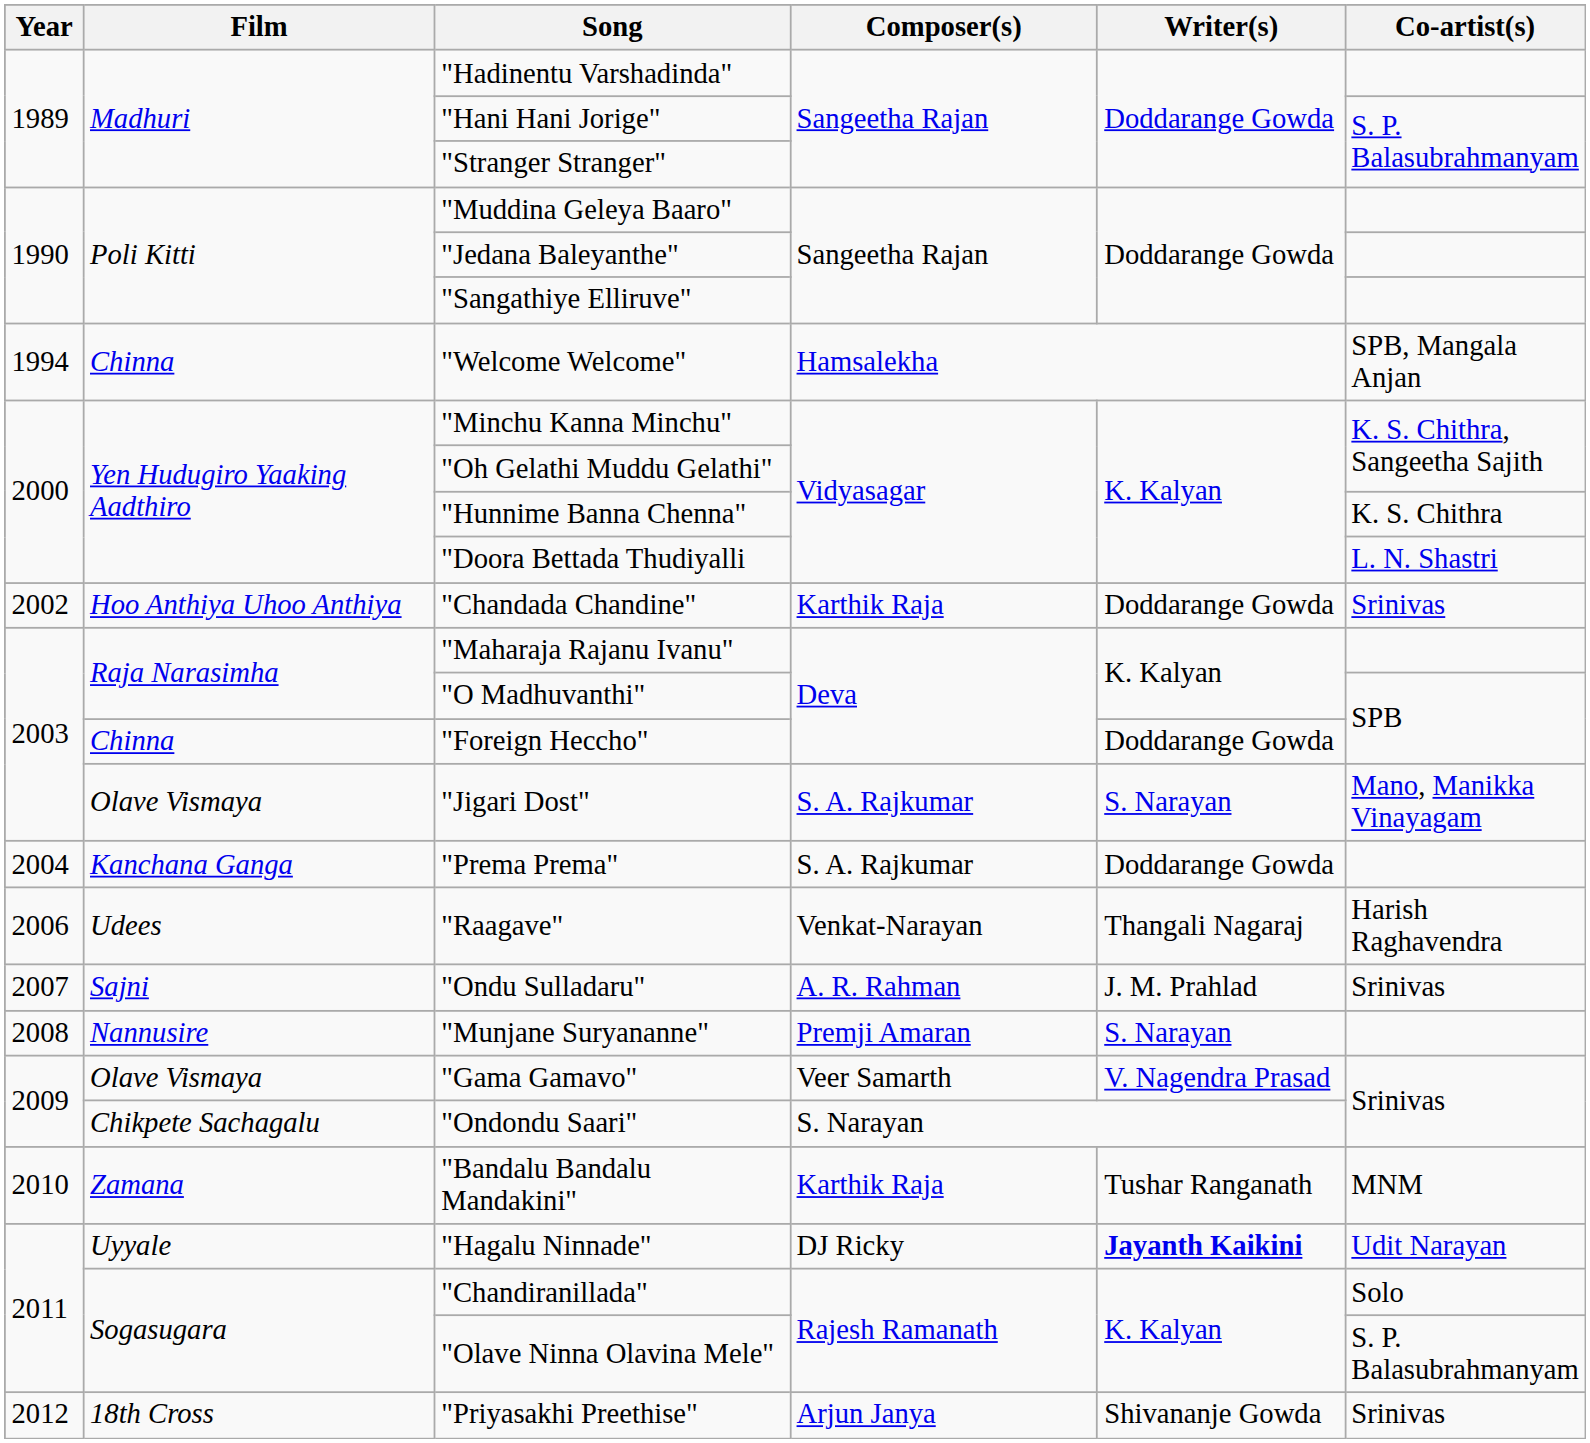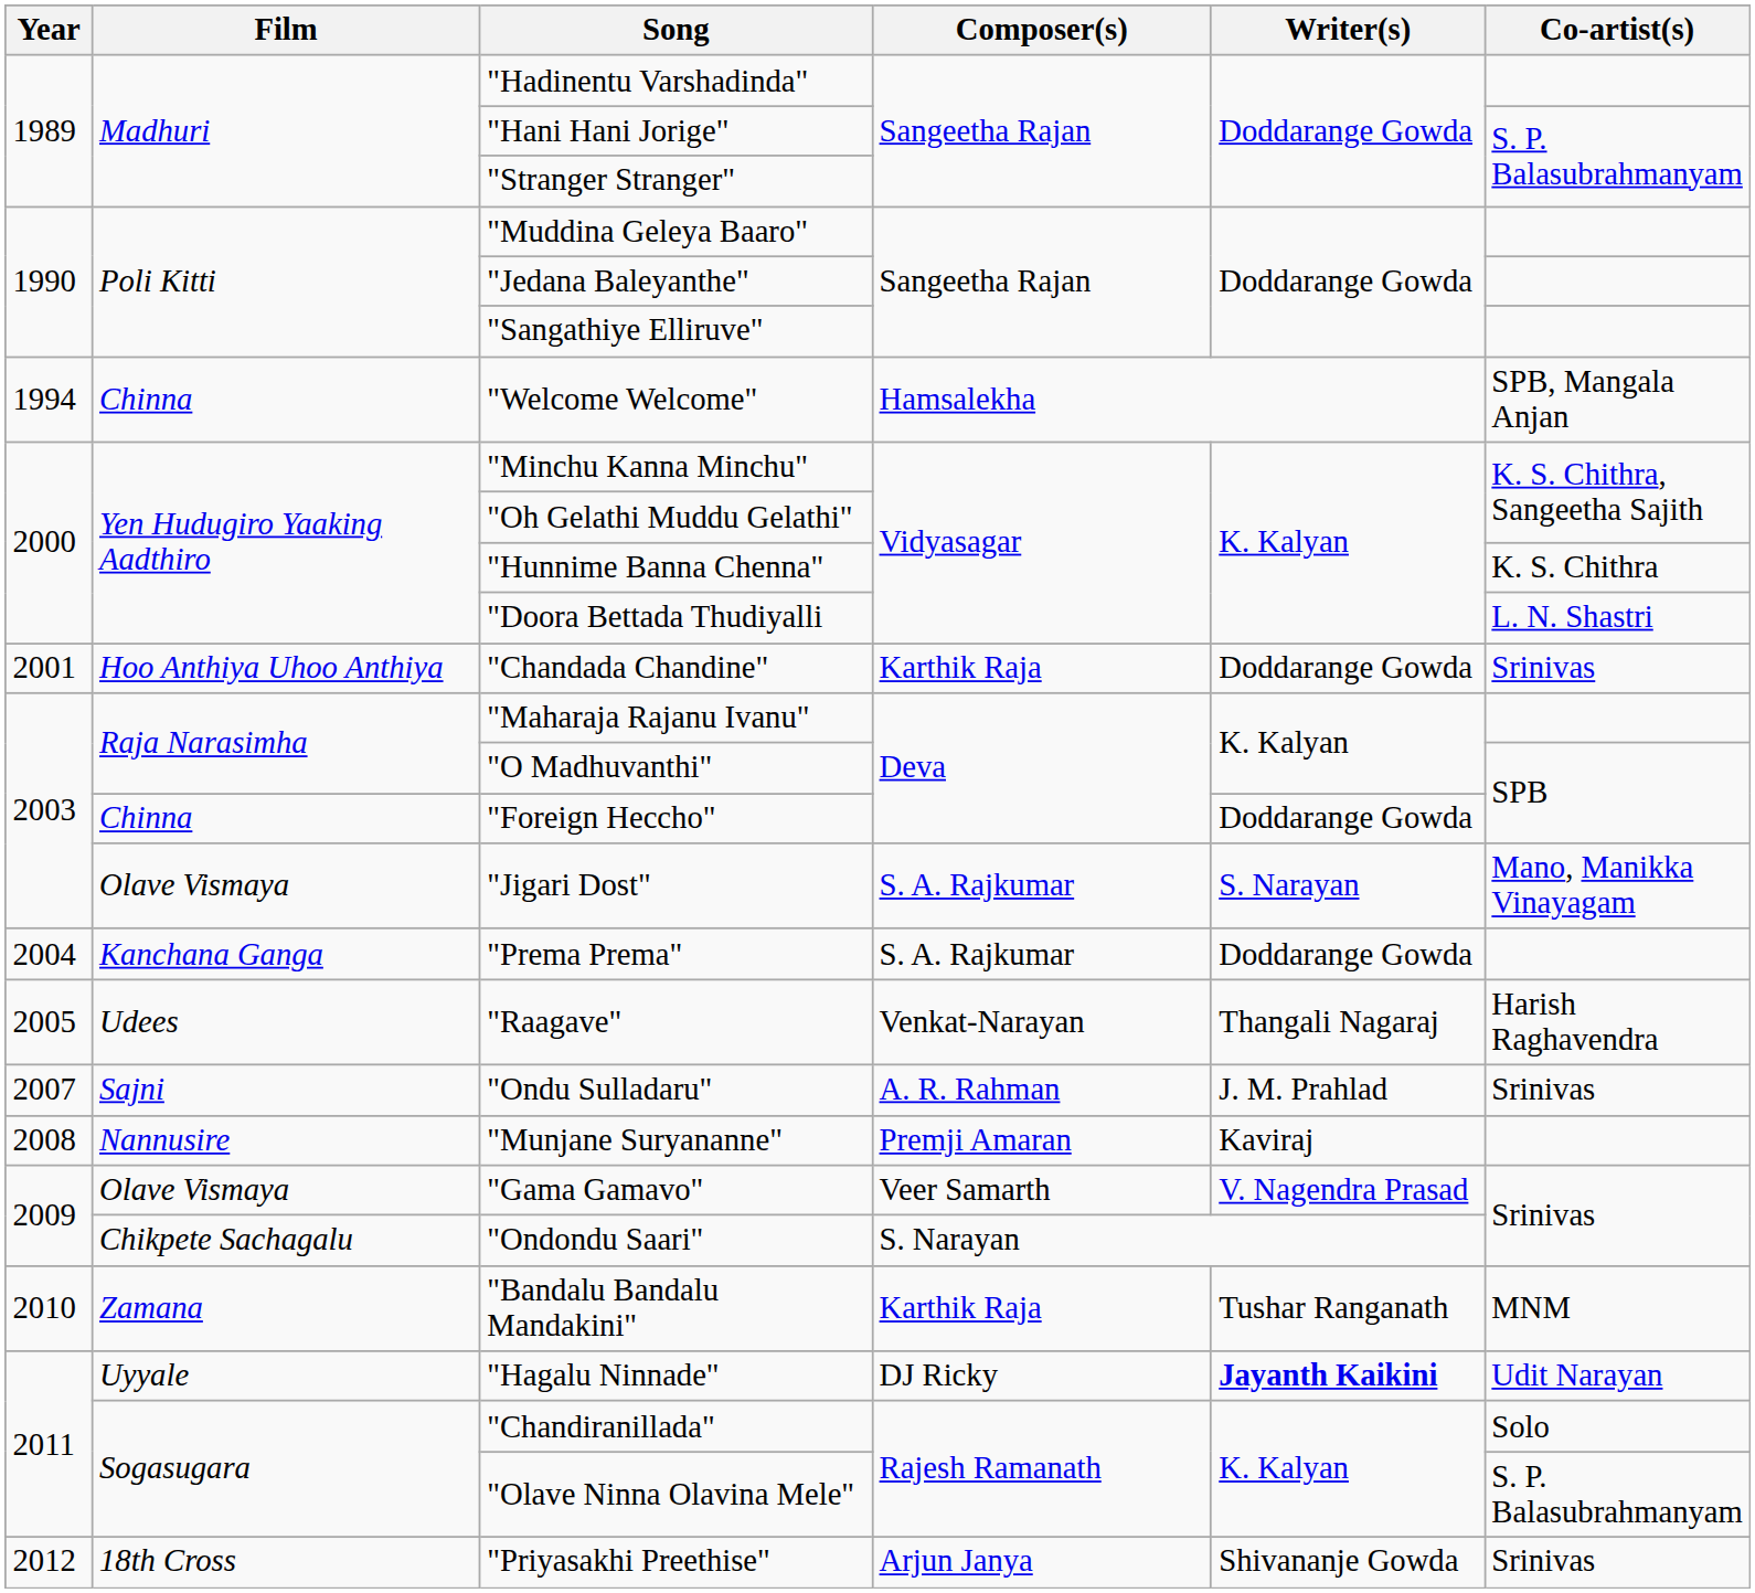 <table class="wikitable plainrowheaders" width="100%" textcolor:#000;">
 <tr style="background:#b0e0e66;">
 <th scope="col" width=5%><strong>Year</strong></th>
 <th scope="col" width=23%><strong>Film</strong></th>
 <th scope="col" width=23%><strong>Song</strong></th>
 <th scope="col" width=20%><strong>Composer(s)</strong></th>
 <th scope="col" width=16%><strong>Writer(s)</strong></th>
 <th scope="col" width=18%><strong>Co-artist(s)</strong></th>
 </tr>
 <tr>
 <td rowspan="3">1989</td>
 <td rowspan="3"><em><a href='#'>Madhuri</a></em></td>
 <td>"Hadinentu Varshadinda"</td>
 <td rowspan="3"><a href='#'>Sangeetha Rajan</a></td>
 <td rowspan="3"><a href='#'>Doddarange Gowda</a></td>
 </tr>
 <tr>
 <td>"Hani Hani Jorige"</td>
 <td rowspan="2"><a href='#'>S. P. Balasubrahmanyam</a></td>
 </tr>
 <tr>
 <td>"Stranger Stranger"</td>
 </tr>
 <tr>
 <td rowspan="3">1990</td>
 <td rowspan="3"><em>Poli Kitti</em></td>
 <td>"Muddina Geleya Baaro"</td>
 <td rowspan="3">Sangeetha Rajan</td>
 <td rowspan="3">Doddarange Gowda</td>
 <td></td>
 </tr>
 <tr>
 <td>"Jedana Baleyanthe"</td>
 <td></td>
 </tr>
 <tr>
 <td>"Sangathiye Elliruve"</td>
 </tr>
 <tr>
 <td>1994</td>
 <td><em><a href='#'>Chinna</a></em></td>
 <td>"Welcome Welcome"</td>
 <td colspan="2"><a href='#'>Hamsalekha</a></td>
 <td>SPB, Mangala Anjan</td>
 </tr>
 <tr>
 <td rowspan="4">2000</td>
 <td rowspan="4"><em><a href='#'>Yen Hudugiro Yaaking Aadthiro</a></em></td>
 <td>"Minchu Kanna Minchu"</td>
 <td rowspan="4"><a href='#'>Vidyasagar</a></td>
 <td rowspan="4"><a href='#'>K. Kalyan</a></td>
 <td rowspan="2"><a href='#'>K. S. Chithra</a>, Sangeetha Sajith</td>
 </tr>
 <tr>
 <td>"Oh Gelathi Muddu Gelathi"</td>
 </tr>
 <tr>
 <td>"Hunnime Banna Chenna"</td>
 <td>K. S. Chithra</td>
 </tr>
 <tr>
 <td>"Doora Bettada Thudiyalli</td>
 <td><a href='#'>L. N. Shastri</a></td>
 </tr>
 <tr>
-<td>2002</td>
+<td>2001</td>
 <td><em><a href='#'>Hoo Anthiya Uhoo Anthiya</a></em></td>
 <td>"Chandada Chandine"</td>
 <td><a href='#'>Karthik Raja</a></td>
 <td>Doddarange Gowda</td>
 <td><a href='#'>Srinivas</a></td>
 </tr>
 <tr>
 <td rowspan="4">2003</td>
 <td rowspan="2"><em><a href='#'>Raja Narasimha</a></em></td>
 <td>"Maharaja Rajanu Ivanu"</td>
 <td rowspan="3"><a href='#'>Deva</a></td>
 <td rowspan="2">K. Kalyan</td>
 <td></td>
 </tr>
 <tr>
 <td>"O Madhuvanthi"</td>
 <td rowspan="2">SPB</td>
 </tr>
 <tr>
 <td><em><a href='#'>Chinna</a></em></td>
 <td>"Foreign Heccho"</td>
 <td>Doddarange Gowda</td>
 </tr>
 <tr>
 <td><em>Olave Vismaya</em></td>
 <td>"Jigari Dost"</td>
 <td><a href='#'>S. A. Rajkumar</a></td>
 <td><a href='#'>S. Narayan</a></td>
 <td><a href='#'>Mano</a>, <a href='#'>Manikka Vinayagam</a></td>
 </tr>
 <tr>
 <td>2004</td>
 <td><em><a href='#'>Kanchana Ganga</a></em></td>
 <td>"Prema Prema"</td>
 <td>S. A. Rajkumar</td>
 <td>Doddarange Gowda</td>
 <td></td>
 </tr>
 <tr>
-<td>2006</td>
+<td>2005</td>
 <td><em>Udees</em></td>
 <td>"Raagave"</td>
 <td>Venkat-Narayan</td>
 <td>Thangali Nagaraj</td>
 <td>Harish Raghavendra</td>
 </tr>
 <tr>
 <td>2007</td>
 <td><em><a href='#'>Sajni</a></em></td>
 <td>"Ondu Sulladaru"</td>
 <td><a href='#'>A. R. Rahman</a></td>
 <td>J. M. Prahlad</td>
 <td>Srinivas</td>
 </tr>
 <tr>
 <td>2008</td>
 <td><em><a href='#'>Nannusire</a></em></td>
 <td>"Munjane Suryananne"</td>
 <td><a href='#'>Premji Amaran</a></td>
-<td><a href='#'>S. Narayan</a></td>
+<td>Kaviraj</td>
 <td></td>
 </tr>
 <tr>
 <td rowspan="2">2009</td>
 <td><em>Olave Vismaya</em></td>
 <td>"Gama Gamavo"</td>
 <td>Veer Samarth</td>
 <td><a href='#'>V. Nagendra Prasad</a></td>
 <td rowspan="2">Srinivas</td>
 </tr>
 <tr>
 <td><em>Chikpete Sachagalu</em></td>
 <td>"Ondondu Saari"</td>
 <td colspan="2">S. Narayan</td>
 </tr>
 <tr>
 <td>2010</td>
 <td><em><a href='#'>Zamana</a></em></td>
 <td>"Bandalu Bandalu Mandakini"</td>
 <td><a href='#'>Karthik Raja</a></td>
 <td>Tushar Ranganath</td>
 <td>MNM</td>
 </tr>
 <tr>
 <td rowspan="3">2011</td>
 <td><em>Uyyale</em></td>
 <td>"Hagalu Ninnade"</td>
 <td>DJ Ricky</td>
 <td><strong><a href='#'>Jayanth Kaikini</a></strong></td>
 <td><a href='#'>Udit Narayan</a></td>
 </tr>
 <tr>
 <td rowspan="2"><em>Sogasugara</em></td>
 <td>"Chandiranillada"</td>
 <td rowspan="2"><a href='#'>Rajesh Ramanath</a></td>
 <td rowspan="2"><a href='#'>K. Kalyan</a></td>
 <td>Solo</td>
 </tr>
 <tr>
 <td>"Olave Ninna Olavina Mele"</td>
 <td>S. P. Balasubrahmanyam</td>
 </tr>
 <tr>
 <td>2012</td>
 <td><em>18th Cross</em></td>
 <td>"Priyasakhi Preethise"</td>
 <td><a href='#'>Arjun Janya</a></td>
 <td>Shivananje Gowda</td>
 <td>Srinivas</td>
 </tr>
 </table>
